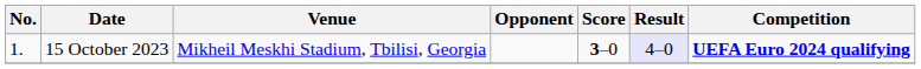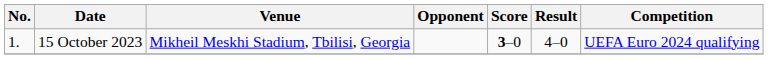 <table class="wikitable">
 <tr>
 <th>No.</th>
 <th>Date</th>
 <th>Venue</th>
 <th>Opponent</th>
 <th>Score</th>
 <th>Result</th>
 <th>Competition</th>
 </tr>
 <tr>
 <td>1.</td>
 <td>15 October 2023</td>
 <td><a href='#'>Mikheil Meskhi Stadium</a>, <a href='#'>Tbilisi</a>, <a href='#'>Georgia</a></td>
 <td></td>
 <td align=center><strong>3</strong>–0</td>
-<td align=center style="background: lavender;">4–0</td>
-<td><strong><a href='#'>UEFA Euro 2024 qualifying</a></strong></td>
+<td align=center>4–0</td>
+<td><a href='#'>UEFA Euro 2024 qualifying</a></td>
 </tr>
 <tr>
 </tr>
 </table>
